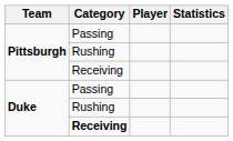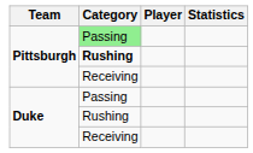 <table class="wikitable" style="float: right;">
 <tr>
 <th>Team</th>
 <th>Category</th>
 <th>Player</th>
 <th>Statistics</th>
 </tr>
 <tr>
 <td rowspan=3><strong>Pittsburgh</strong></td>
-<td>Passing</td>
+<td style="background: lightgreen;">Passing</td>
 <td></td>
 <td></td>
 </tr>
 <tr>
-<td>Rushing</td>
+<td><strong>Rushing</strong></td>
 <td></td>
 <td></td>
 </tr>
 <tr>
 <td>Receiving</td>
 <td></td>
 <td></td>
 </tr>
 <tr>
 <td rowspan=3><strong>Duke</strong></td>
 <td>Passing</td>
 <td></td>
 <td></td>
 </tr>
 <tr>
 <td>Rushing</td>
 <td></td>
 <td></td>
 </tr>
 <tr>
-<td><strong>Receiving</strong></td>
+<td>Receiving</td>
 <td></td>
 <td></td>
 </tr>
 </table>
